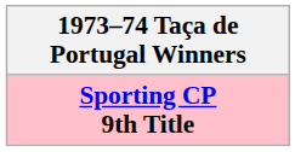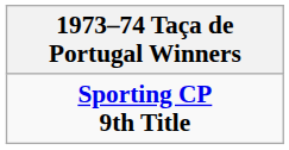 <table class="wikitable" style="text-align: center; margin: 0 auto; width: 20%">
 <tr>
 <th>1973–74 Taça de Portugal Winners</th>
 </tr>
 <tr>
-<td style="background: pink;"><strong><a href='#'>Sporting CP</a></strong><br><strong>9th Title</strong></td>
+<td><strong><a href='#'>Sporting CP</a></strong><br><strong>9th Title</strong></td>
 </tr>
 </table>
